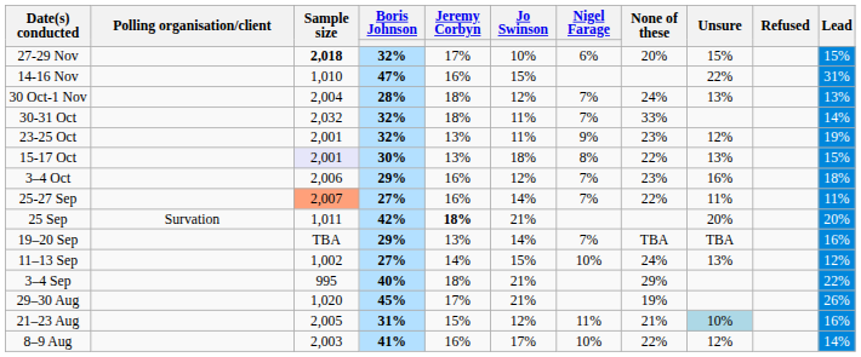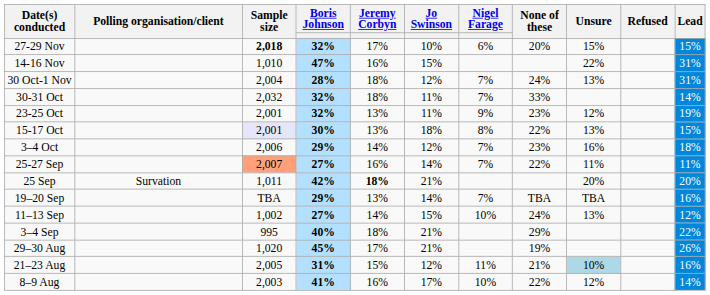 <table class="wikitable collapsible sortable" style="text-align:center;font-size:90%;line-height:14px">
 <tr>
 <th style="width:80px;" rowspan="2" class="unsortable">Date(s)<br>conducted</th>
 <th style="width:200px;" rowspan="2">Polling organisation/client</th>
 <th style="width:60px;" rowspan="2">Sample size</th>
 <th style="width:60px;" class="unsortable"><a href='#'>Boris Johnson</a></th>
 <th style="width:60px;" class="unsortable"><a href='#'>Jeremy Corbyn</a></th>
 <th style="width:60px;" class="unsortable"><a href='#'>Jo Swinson</a></th>
 <th style="width:60px;" class="unsortable"><a href='#'>Nigel Farage</a></th>
 <th style="width:60px;" rowspan="2" class="unsortable">None of these</th>
 <th style="width:60px;" rowspan="2" class="unsortable">Unsure</th>
 <th style="width:60px;" rowspan="2" class="unsortable">Refused</th>
 <th class="unsortable" style="width:20px;" rowspan="2">Lead</th>
 </tr>
 <tr>
 <th class="unsortable" style="color:inherit;background:"></th>
 <th class="unsortable" style="color:inherit;background:"></th>
 <th class="unsortable" style="color:inherit;background:"></th>
 <th class="unsortable" style="color:inherit;background:"></th>
 </tr>
 <tr>
 <td>27-29 Nov</td>
 <td></td>
 <td><strong>2,018</strong></td>
 <td style="background:#B3E0FF"><strong>32%</strong></td>
 <td>17%</td>
 <td>10%</td>
 <td>6%</td>
 <td>20%</td>
 <td>15%</td>
 <td></td>
 <td style="background:#0087DC; color:white;">15%</td>
 </tr>
 <tr>
 <td>14-16 Nov</td>
 <td></td>
 <td>1,010</td>
 <td style="background:#B3E0FF"><strong>47%</strong></td>
 <td>16%</td>
 <td>15%</td>
 <td></td>
 <td></td>
 <td>22%</td>
 <td></td>
 <td style="background:#0087DC; color:white;">31%</td>
 </tr>
 <tr>
 <td>30 Oct-1 Nov</td>
 <td> </td>
 <td>2,004</td>
 <td style="background:#B3E0FF"><strong>28%</strong></td>
 <td>18%</td>
 <td>12%</td>
 <td>7%</td>
 <td>24%</td>
 <td>13%</td>
 <td></td>
-<td style="background:#0087DC; color:white;">13%</td>
+<td style="background:#0087DC; color:white;">31%</td>
 </tr>
 <tr>
 <td>30-31 Oct</td>
 <td></td>
 <td>2,032</td>
 <td style="background:#B3E0FF"><strong>32%</strong></td>
 <td>18%</td>
 <td>11%</td>
 <td>7%</td>
 <td>33%</td>
 <td></td>
 <td></td>
 <td style="background:#0087DC; color:white;">14%</td>
 </tr>
 <tr>
 <td>23-25 Oct</td>
 <td> </td>
 <td>2,001</td>
 <td style="background:#B3E0FF"><strong>32%</strong></td>
 <td>13%</td>
 <td>11%</td>
 <td>9%</td>
 <td>23%</td>
 <td>12%</td>
 <td></td>
 <td style="background:#0087DC; color:white;">19%</td>
 </tr>
 <tr>
 <td>15-17 Oct</td>
 <td> </td>
 <td style="background: lavender;">2,001</td>
 <td style="background:#B3E0FF"><strong>30%</strong></td>
 <td>13%</td>
 <td>18%</td>
 <td>8%</td>
 <td>22%</td>
 <td>13%</td>
 <td></td>
 <td style="background:#0087DC; color:white;">15%</td>
 </tr>
 <tr>
 <td>3–4 Oct</td>
 <td> </td>
 <td>2,006</td>
 <td style="background:#B3E0FF"><strong>29%</strong></td>
-<td>16%</td>
+<td>14%</td>
 <td>12%</td>
 <td>7%</td>
 <td>23%</td>
 <td>16%</td>
 <td></td>
 <td style="background:#0087DC; color:white;">18%</td>
 </tr>
 <tr>
 <td>25-27 Sep</td>
 <td> </td>
 <td style="background: lightsalmon;">2,007</td>
 <td style="background:#B3E0FF"><strong>27%</strong></td>
 <td>16%</td>
 <td>14%</td>
 <td>7%</td>
 <td>22%</td>
 <td>11%</td>
 <td></td>
 <td style="background:#0087DC; color:white;">11%</td>
 </tr>
 <tr>
 <td>25 Sep</td>
 <td>Survation</td>
 <td>1,011</td>
 <td style="background:#B3E0FF"><strong>42%</strong></td>
 <td><strong>18%</strong></td>
 <td>21%</td>
 <td></td>
 <td></td>
 <td>20%</td>
 <td></td>
 <td style="background:#0087DC; color:white;">20%</td>
 </tr>
 <tr>
 <td>19–20 Sep</td>
 <td> </td>
 <td>TBA</td>
 <td style="background:#B3E0FF"><strong>29%</strong></td>
 <td>13%</td>
 <td>14%</td>
 <td>7%</td>
 <td>TBA</td>
 <td>TBA</td>
 <td></td>
 <td style="background:#0087DC; color:white;">16%</td>
 </tr>
 <tr>
 <td>11–13 Sep</td>
 <td></td>
 <td>1,002</td>
 <td style="background:#B3E0FF"><strong>27%</strong></td>
 <td>14%</td>
 <td>15%</td>
 <td>10%</td>
 <td>24%</td>
 <td>13%</td>
 <td></td>
 <td style="background:#0087DC; color:white;">12%</td>
 </tr>
 <tr>
 <td>3–4 Sep</td>
 <td> </td>
 <td>995</td>
 <td style="background:#B3E0FF"><strong>40%</strong></td>
 <td>18%</td>
 <td>21%</td>
 <td></td>
 <td>29%</td>
 <td></td>
 <td></td>
 <td style="background:#0087DC; color:white;">22%</td>
 </tr>
 <tr>
 <td>29–30 Aug</td>
 <td></td>
 <td>1,020</td>
 <td style="background:#B3E0FF"><strong>45%</strong></td>
 <td>17%</td>
 <td>21%</td>
 <td></td>
 <td>19%</td>
 <td></td>
 <td></td>
 <td style="background:#0087DC; color:white;">26%</td>
 </tr>
 <tr>
 <td>21–23 Aug</td>
 <td></td>
 <td>2,005</td>
 <td style="background:#B3E0FF"><strong>31%</strong></td>
 <td>15%</td>
 <td>12%</td>
 <td>11%</td>
 <td>21%</td>
 <td style="background: lightblue;">10%</td>
 <td></td>
 <td style="background:#0087DC; color:white;">16%</td>
 </tr>
 <tr>
 <td>8–9 Aug</td>
 <td></td>
 <td>2,003</td>
 <td style="background:#B3E0FF"><strong>41%</strong></td>
 <td>16%</td>
 <td>17%</td>
 <td>10%</td>
 <td>22%</td>
 <td>12%</td>
 <td></td>
 <td style="background:#0087DC; color:white;">14%</td>
 </tr>
 </table>
